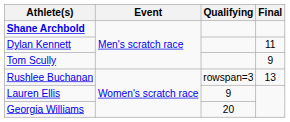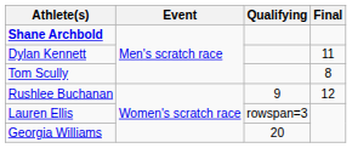 <table class=wikitable style="text-align:center;font-size:90%">
 <tr>
 <th>Athlete(s)</th>
 <th>Event</th>
 <th>Qualifying</th>
 <th>Final</th>
 </tr>
 <tr>
 <td align=left><strong><a href='#'>Shane Archbold</a></strong></td>
 <td rowspan=3 align=left><a href='#'>Men's scratch race</a></td>
 <td></td>
 <td></td>
 </tr>
 <tr>
 <td align=left><a href='#'>Dylan Kennett</a></td>
 <td></td>
 <td>11</td>
 </tr>
 <tr>
 <td align=left><a href='#'>Tom Scully</a></td>
 <td></td>
-<td>9</td>
+<td>8</td>
 </tr>
 <tr>
 <td align=left><a href='#'>Rushlee Buchanan</a></td>
 <td rowspan=3 align=left><a href='#'>Women's scratch race</a></td>
-<td>rowspan=3 </td>
-<td>13</td>
+<td>9</td>
+<td>12</td>
 </tr>
 <tr>
 <td align=left><a href='#'>Lauren Ellis</a></td>
-<td>9</td>
+<td>rowspan=3 </td>
 </tr>
 <tr>
 <td align=left><a href='#'>Georgia Williams</a></td>
 <td>20</td>
 </tr>
 </table>
